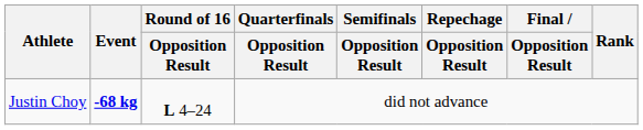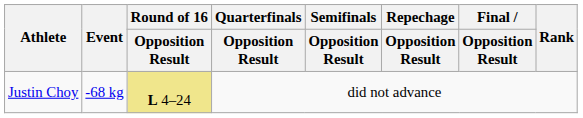 <table class="wikitable" style="font-size:90%">
 <tr>
 <th rowspan="2">Athlete</th>
 <th rowspan="2">Event</th>
 <th>Round of 16</th>
 <th>Quarterfinals</th>
 <th>Semifinals</th>
 <th>Repechage</th>
 <th>Final / </th>
 <th rowspan="2">Rank</th>
 </tr>
 <tr>
 <th>Opposition<br>Result</th>
 <th>Opposition<br>Result</th>
 <th>Opposition<br>Result</th>
 <th>Opposition<br>Result</th>
 <th>Opposition<br>Result</th>
 </tr>
 <tr align=center>
 <td align=left><a href='#'>Justin Choy</a></td>
-<td align=left><strong><a href='#'>-68 kg</a></strong></td>
-<td><br><strong>L</strong> 4–24</td>
+<td align=left><a href='#'>-68 kg</a></td>
+<td style="background: khaki;"><br><strong>L</strong> 4–24</td>
 <td colspan=5>did not advance</td>
 </tr>
 </table>
